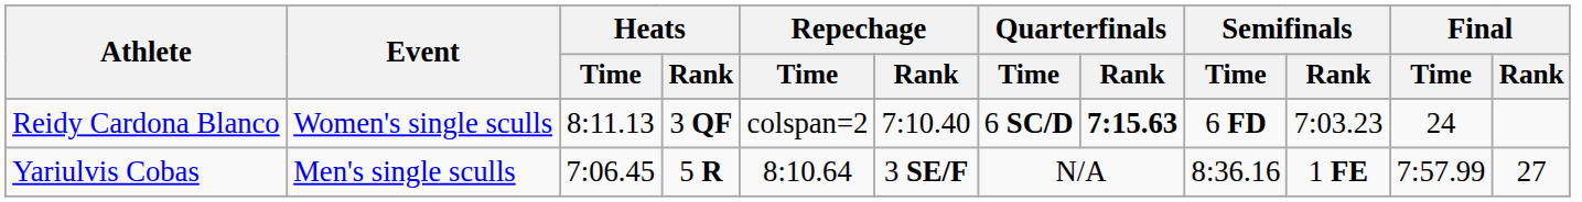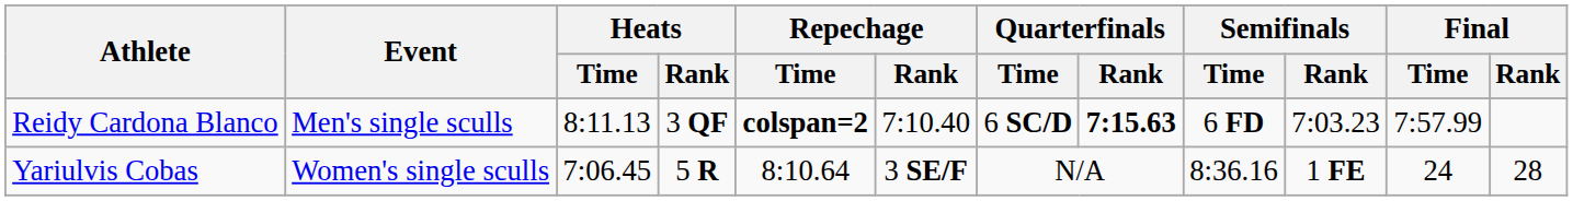 <table class=wikitable style=font-size:90%;text-align:center>
 <tr>
 <th rowspan=2>Athlete</th>
 <th rowspan=2>Event</th>
 <th colspan=2>Heats</th>
 <th colspan=2>Repechage</th>
 <th colspan=2>Quarterfinals</th>
 <th colspan=2>Semifinals</th>
 <th colspan=2>Final</th>
 </tr>
 <tr style=font-size:95%>
 <th>Time</th>
 <th>Rank</th>
 <th>Time</th>
 <th>Rank</th>
 <th>Time</th>
 <th>Rank</th>
 <th>Time</th>
 <th>Rank</th>
 <th>Time</th>
 <th>Rank</th>
 </tr>
 <tr>
 <td align=left><a href='#'>Reidy Cardona Blanco</a></td>
-<td align=left><a href='#'>Women's single sculls</a></td>
+<td align=left><a href='#'>Men's single sculls</a></td>
 <td>8:11.13</td>
 <td>3 <strong>QF</strong></td>
-<td>colspan=2</td>
+<td><strong>colspan=2</strong></td>
 <td>7:10.40</td>
 <td>6 <strong>SC/D</strong></td>
 <td><strong>7:15.63</strong></td>
 <td>6 <strong>FD</strong></td>
 <td>7:03.23</td>
-<td>24</td>
+<td>7:57.99</td>
 </tr>
 <tr>
 <td align=left><a href='#'>Yariulvis Cobas</a></td>
-<td align=left><a href='#'>Men's single sculls</a></td>
+<td align=left><a href='#'>Women's single sculls</a></td>
 <td>7:06.45</td>
 <td>5 <strong>R</strong></td>
 <td>8:10.64</td>
 <td>3 <strong>SE/F</strong></td>
 <td colspan="2">N/A</td>
 <td>8:36.16</td>
 <td>1 <strong>FE</strong></td>
-<td>7:57.99</td>
-<td>27</td>
+<td>24</td>
+<td>28</td>
 </tr>
 </table>
